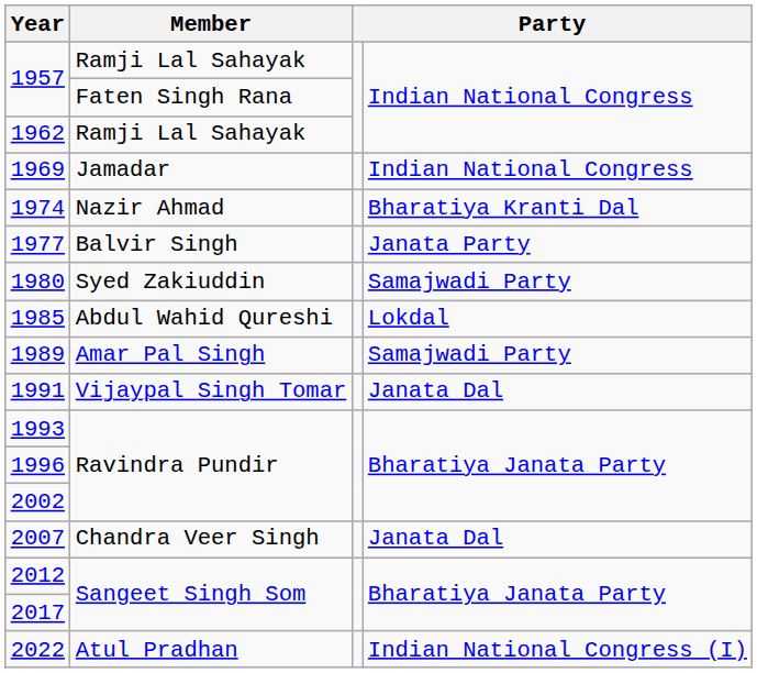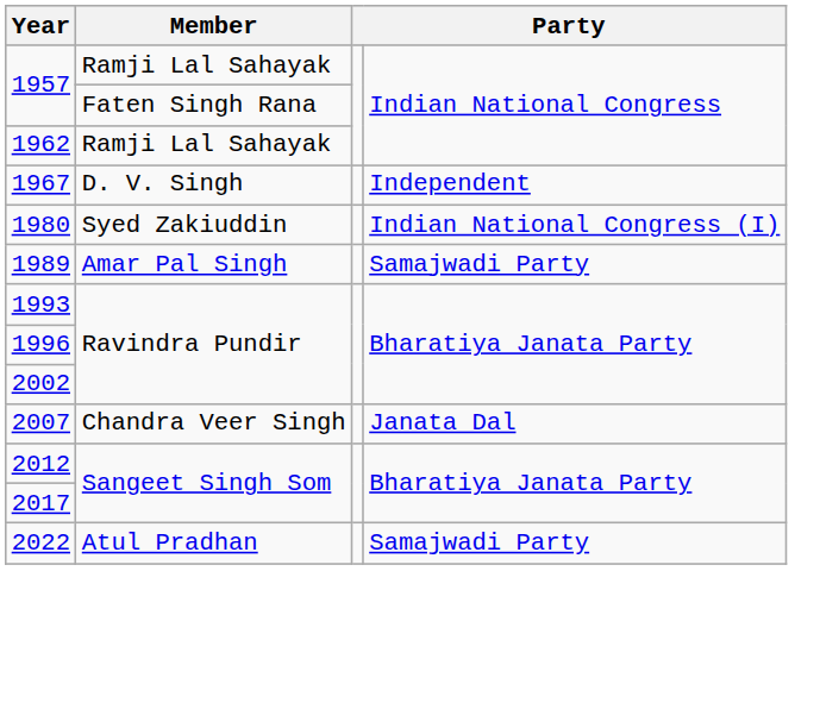 <table class="wikitable">
 <tr>
 <th>Year</th>
 <th>Member</th>
 <th colspan="2">Party</th>
 </tr>
 <tr>
 <td rowspan="2"><a href='#'>1957</a></td>
 <td>Ramji Lal Sahayak</td>
 <td rowspan="3" style="background-color: "></td>
 <td rowspan="3"><a href='#'>Indian National Congress</a></td>
 </tr>
 <tr>
 <td>Faten Singh Rana</td>
 </tr>
 <tr>
 <td><a href='#'>1962</a></td>
 <td>Ramji Lal Sahayak</td>
 </tr>
 <tr>
-<td><a href='#'>1969</a></td>
-<td>Jamadar</td>
+<td><a href='#'>1967</a></td>
+<td>D. V. Singh</td>
 <td style="background-color: "></td>
-<td><a href='#'>Indian National Congress</a></td>
-</tr>
-<tr>
-<td><a href='#'>1974</a></td>
-<td>Nazir Ahmad</td>
-<td style="background-color: "></td>
-<td><a href='#'>Bharatiya Kranti Dal</a></td>
-</tr>
-<tr>
-<td><a href='#'>1977</a></td>
-<td>Balvir Singh</td>
-<td style="background-color: "></td>
-<td><a href='#'>Janata Party</a></td>
+<td><a href='#'>Independent</a></td>
 </tr>
 <tr>
 <td><a href='#'>1980</a></td>
 <td>Syed Zakiuddin</td>
 <td style="background-color: "></td>
-<td><a href='#'>Samajwadi Party</a></td>
-</tr>
-<tr>
-<td><a href='#'>1985</a></td>
-<td>Abdul Wahid Qureshi</td>
-<td style="background-color: "></td>
-<td><a href='#'>Lokdal</a></td>
+<td><a href='#'>Indian National Congress (I)</a></td>
 </tr>
 <tr>
 <td><a href='#'>1989</a></td>
 <td><a href='#'>Amar Pal Singh</a></td>
 <td style="background-color: "></td>
 <td><a href='#'>Samajwadi Party</a></td>
-</tr>
-<tr>
-<td><a href='#'>1991</a></td>
-<td><a href='#'>Vijaypal Singh Tomar</a></td>
-<td style="background-color: "></td>
-<td><a href='#'>Janata Dal</a></td>
 </tr>
 <tr>
 <td><a href='#'>1993</a></td>
 <td rowspan="3">Ravindra Pundir</td>
 <td rowspan="3" style="background-color: "></td>
 <td rowspan="3"><a href='#'>Bharatiya Janata Party</a></td>
 </tr>
 <tr>
 <td><a href='#'>1996</a></td>
 </tr>
 <tr>
 <td><a href='#'>2002</a></td>
 </tr>
 <tr>
 <td><a href='#'>2007</a></td>
 <td>Chandra Veer Singh</td>
 <td style="background-color: "></td>
 <td><a href='#'>Janata Dal</a></td>
 </tr>
 <tr>
 <td><a href='#'>2012</a></td>
 <td rowspan="2"><a href='#'>Sangeet Singh Som</a></td>
 <td rowspan="2" style="background-color: "></td>
 <td rowspan="2"><a href='#'>Bharatiya Janata Party</a></td>
 </tr>
 <tr>
 <td><a href='#'>2017</a></td>
 </tr>
 <tr>
 <td><a href='#'>2022</a></td>
 <td><a href='#'>Atul Pradhan</a></td>
 <td style="background-color: "></td>
-<td><a href='#'>Indian National Congress (I)</a></td>
+<td><a href='#'>Samajwadi Party</a></td>
 </tr>
 </table>
